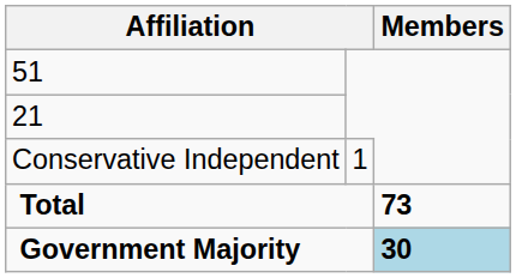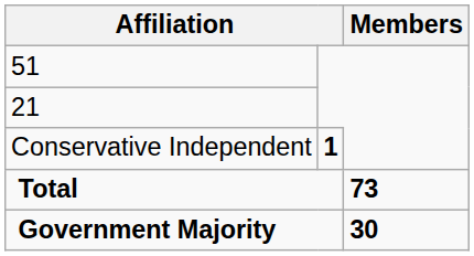 <table class="wikitable">
 <tr>
 <th colspan="2">Affiliation</th>
 <th>Members</th>
 </tr>
 <tr>
 <td>51</td>
 </tr>
 <tr>
 <td>21</td>
 </tr>
 <tr>
 <td>Conservative Independent</td>
-<td>1</td>
+<td><strong>1</strong></td>
 </tr>
 <tr>
 <td colspan="2" rowspan="1" align=left> <strong>Total</strong><br></td>
 <td><strong>73</strong></td>
 </tr>
 <tr>
 <td colspan="2" rowspan="1" align=left> <strong>Government Majority</strong><br></td>
-<td style="background: lightblue;"><strong>30</strong></td>
+<td><strong>30</strong></td>
 </tr>
 </table>
